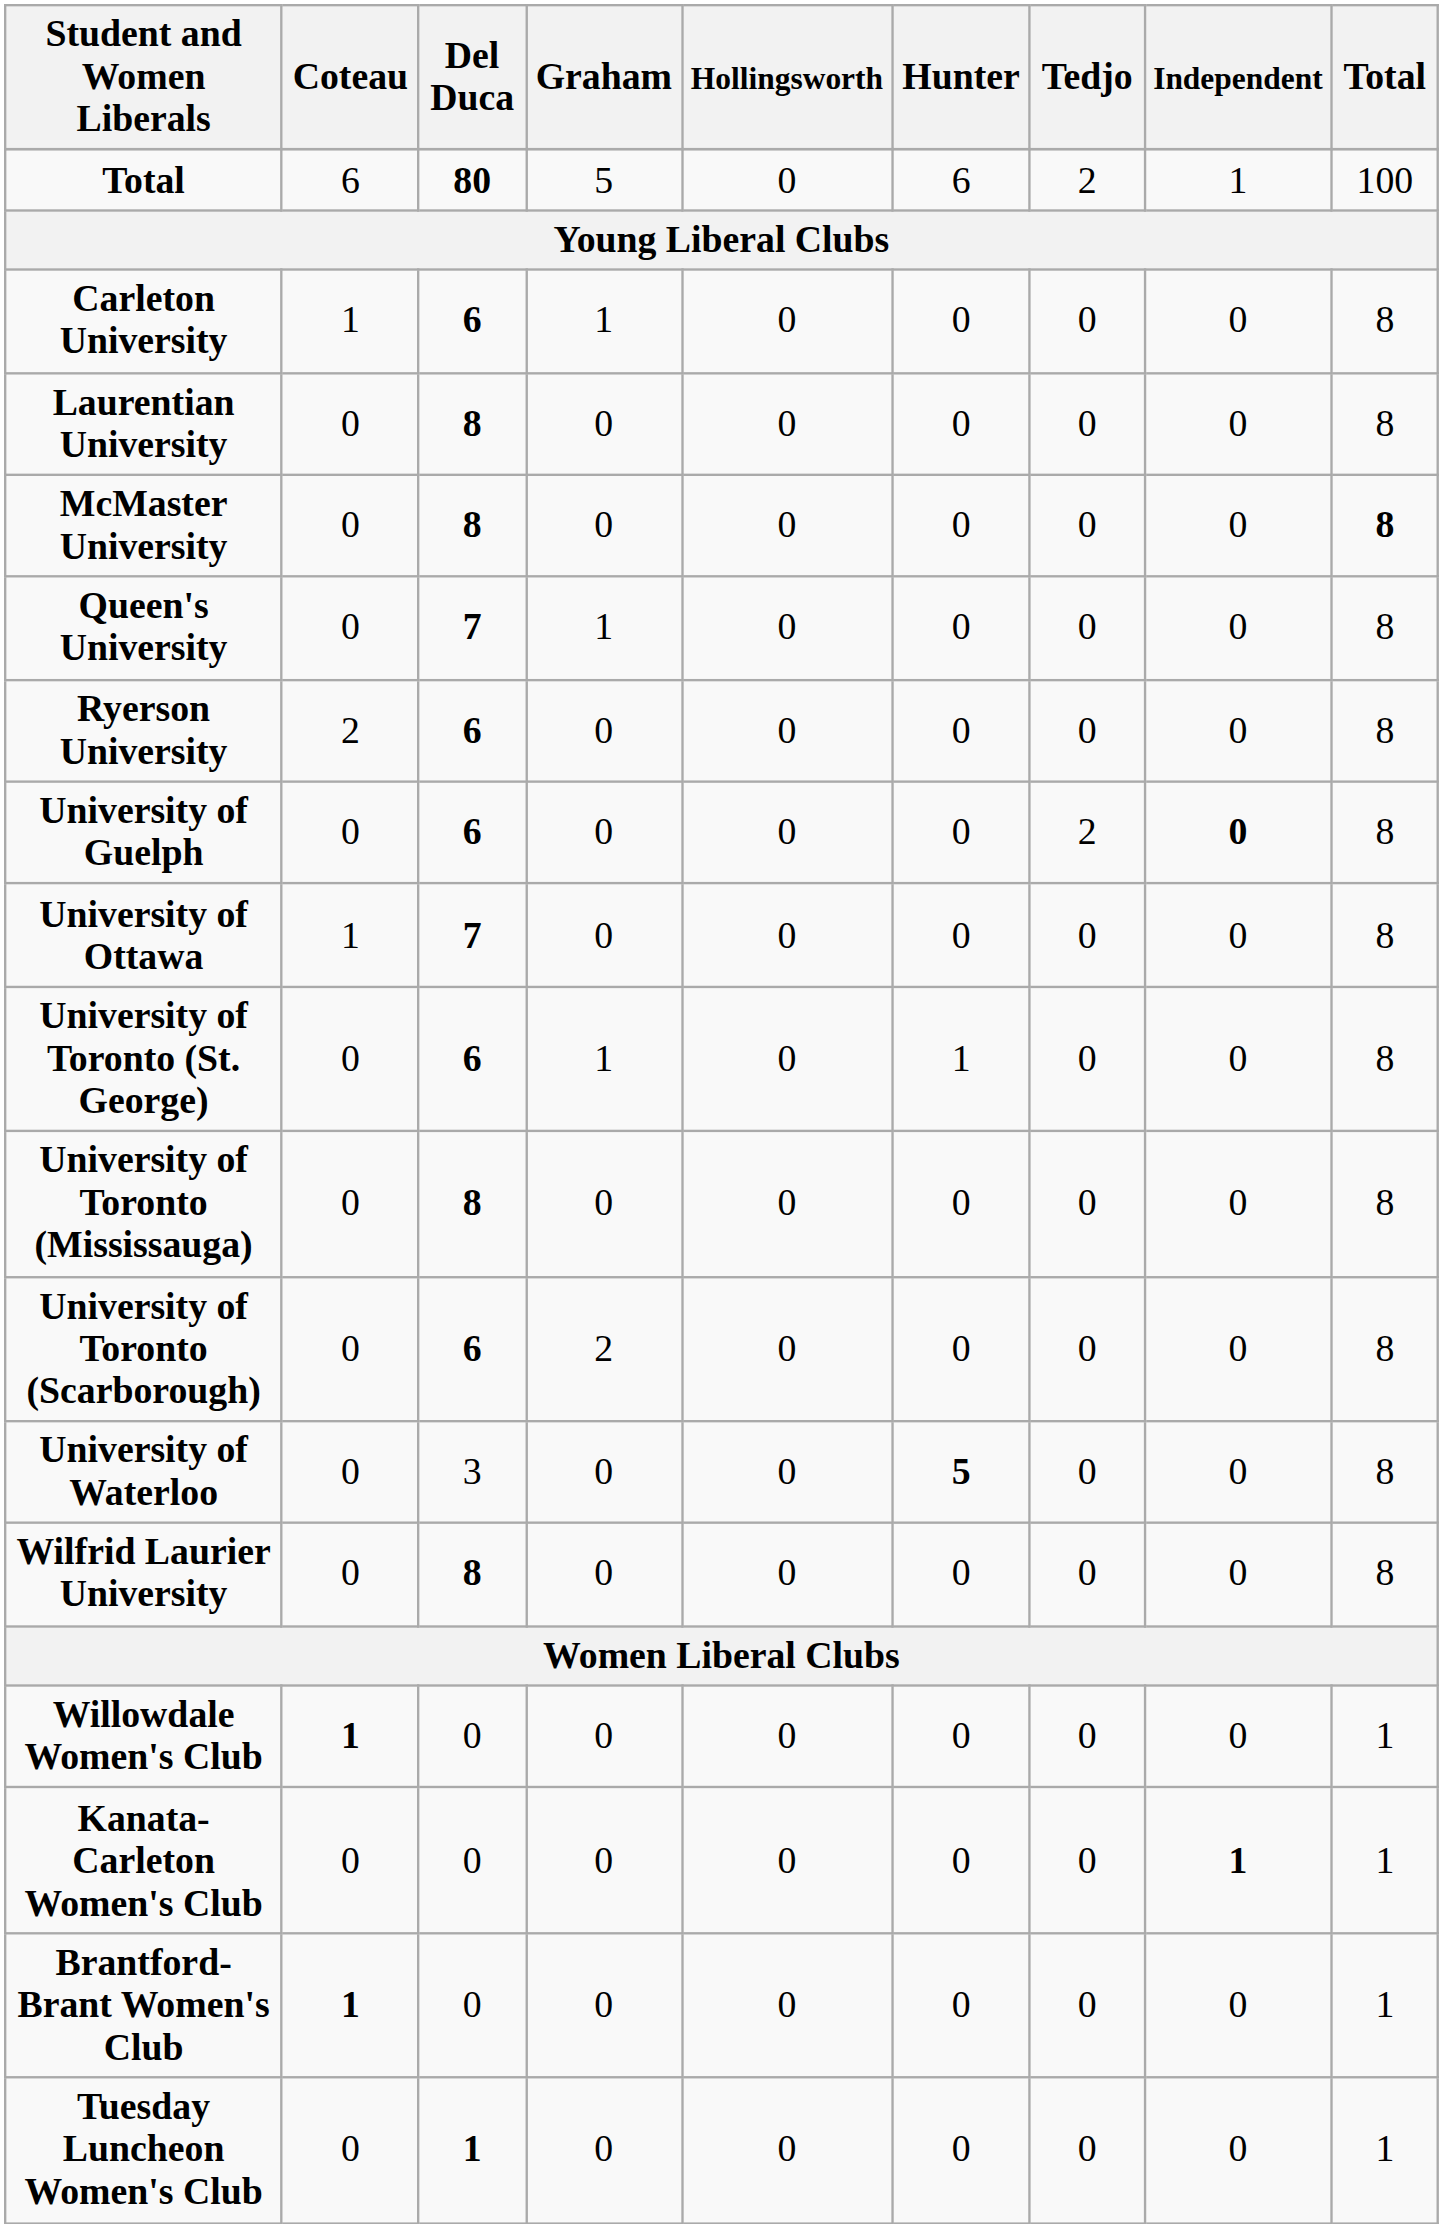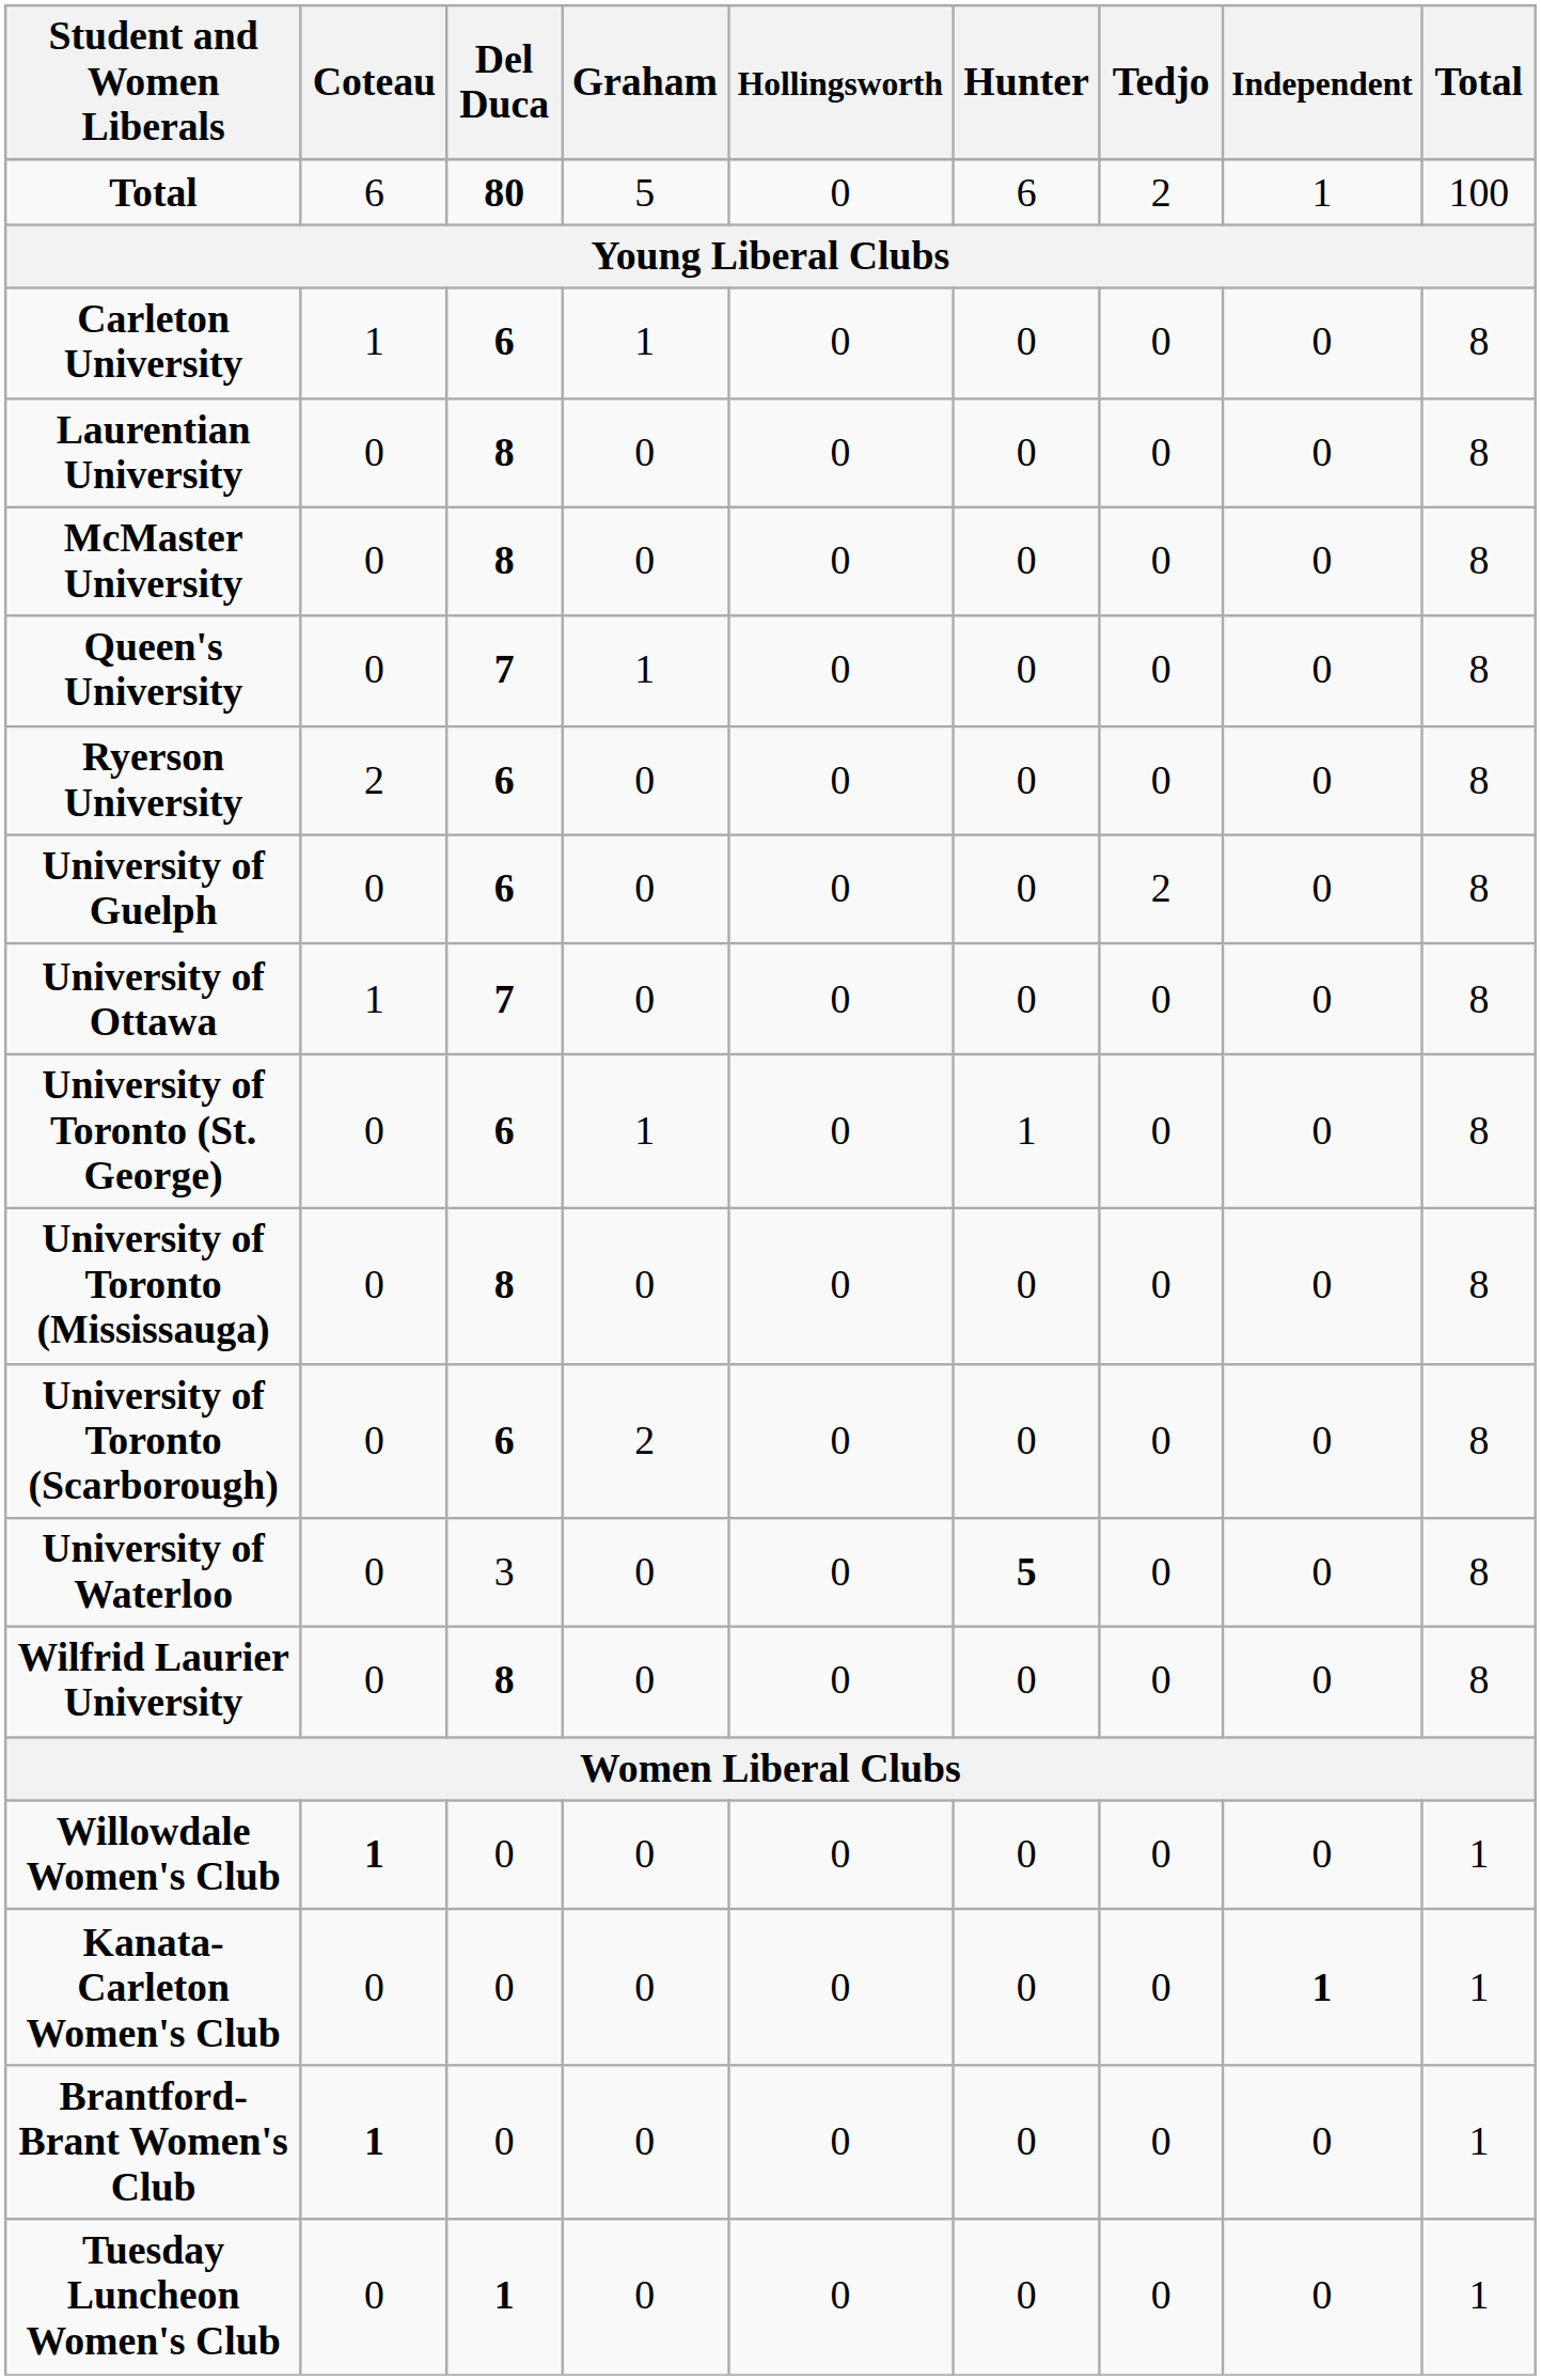 <table class="wikitable mw-collapsible mw-collapsed">
 <tr>
 <th style="width:300px;">Student and Women Liberals</th>
 <th style="width:80px;">Coteau</th>
 <th style="width:80px;">Del Duca</th>
 <th style="width:80px;">Graham</th>
 <th style="width:80px;"><small>Hollingsworth</small></th>
 <th style="width:80px;">Hunter</th>
 <th style="width:80px;">Tedjo</th>
 <th style="width:80px;"><small>Independent</small></th>
 <th style="width:80px;">Total</th>
 </tr>
 <tr>
 </tr>
 <tr>
 </tr>
 <tr style="text-align:center;">
 <td><strong>Total</strong></td>
 <td>6</td>
 <td><strong>80</strong></td>
 <td>5</td>
 <td>0</td>
 <td>6</td>
 <td>2</td>
 <td>1</td>
 <td>100</td>
 </tr>
 <tr>
 <th colspan = "9">Young Liberal Clubs</th>
 </tr>
 <tr style="text-align:center;">
 <td><strong>Carleton University</strong></td>
 <td>1</td>
 <td><strong>6</strong></td>
 <td>1</td>
 <td>0</td>
 <td>0</td>
 <td>0</td>
 <td>0</td>
 <td>8</td>
 </tr>
 <tr style="text-align:center;">
 <td><strong>Laurentian University</strong></td>
 <td>0</td>
 <td><strong>8</strong></td>
 <td>0</td>
 <td>0</td>
 <td>0</td>
 <td>0</td>
 <td>0</td>
 <td>8</td>
 </tr>
 <tr style="text-align:center;">
 <td><strong>McMaster University</strong></td>
 <td>0</td>
 <td><strong>8</strong></td>
 <td>0</td>
 <td>0</td>
 <td>0</td>
 <td>0</td>
 <td>0</td>
-<td><strong>8</strong></td>
+<td>8</td>
 </tr>
 <tr style="text-align:center;">
 <td><strong>Queen's University</strong></td>
 <td>0</td>
 <td><strong>7</strong></td>
 <td>1</td>
 <td>0</td>
 <td>0</td>
 <td>0</td>
 <td>0</td>
 <td>8</td>
 </tr>
 <tr style="text-align:center;">
 <td><strong>Ryerson University</strong></td>
 <td>2</td>
 <td><strong>6</strong></td>
 <td>0</td>
 <td>0</td>
 <td>0</td>
 <td>0</td>
 <td>0</td>
 <td>8</td>
 </tr>
 <tr style="text-align:center;">
 <td><strong>University of Guelph</strong></td>
 <td>0</td>
 <td><strong>6</strong></td>
 <td>0</td>
 <td>0</td>
 <td>0</td>
 <td>2</td>
-<td><strong>0</strong></td>
+<td>0</td>
 <td>8</td>
 </tr>
 <tr style="text-align:center;">
 <td><strong>University of Ottawa</strong></td>
 <td>1</td>
 <td><strong>7</strong></td>
 <td>0</td>
 <td>0</td>
 <td>0</td>
 <td>0</td>
 <td>0</td>
 <td>8</td>
 </tr>
 <tr style="text-align:center;">
 <td><strong>University of Toronto (St. George)</strong></td>
 <td>0</td>
 <td><strong>6</strong></td>
 <td>1</td>
 <td>0</td>
 <td>1</td>
 <td>0</td>
 <td>0</td>
 <td>8</td>
 </tr>
 <tr style="text-align:center;">
 <td><strong>University of Toronto (Mississauga)</strong></td>
 <td>0</td>
 <td><strong>8</strong></td>
 <td>0</td>
 <td>0</td>
 <td>0</td>
 <td>0</td>
 <td>0</td>
 <td>8</td>
 </tr>
 <tr style="text-align:center;">
 <td><strong>University of Toronto (Scarborough)</strong></td>
 <td>0</td>
 <td><strong>6</strong></td>
 <td>2</td>
 <td>0</td>
 <td>0</td>
 <td>0</td>
 <td>0</td>
 <td>8</td>
 </tr>
 <tr style="text-align:center;">
 <td><strong>University of Waterloo</strong></td>
 <td>0</td>
 <td>3</td>
 <td>0</td>
 <td>0</td>
 <td><strong>5</strong></td>
 <td>0</td>
 <td>0</td>
 <td>8</td>
 </tr>
 <tr style="text-align:center;">
 <td><strong>Wilfrid Laurier University</strong></td>
 <td>0</td>
 <td><strong>8</strong></td>
 <td>0</td>
 <td>0</td>
 <td>0</td>
 <td>0</td>
 <td>0</td>
 <td>8</td>
 </tr>
 <tr>
 <th colspan = "9">Women Liberal Clubs</th>
 </tr>
 <tr style="text-align:center;">
 <td><strong>Willowdale Women's Club</strong></td>
 <td><strong>1</strong></td>
 <td>0</td>
 <td>0</td>
 <td>0</td>
 <td>0</td>
 <td>0</td>
 <td>0</td>
 <td>1</td>
 </tr>
 <tr style="text-align:center;">
 <td><strong>Kanata-Carleton Women's Club</strong></td>
 <td>0</td>
 <td>0</td>
 <td>0</td>
 <td>0</td>
 <td>0</td>
 <td>0</td>
 <td><strong>1</strong></td>
 <td>1</td>
 </tr>
 <tr style="text-align:center;">
 <td><strong>Brantford-Brant Women's Club</strong></td>
 <td><strong>1</strong></td>
 <td>0</td>
 <td>0</td>
 <td>0</td>
 <td>0</td>
 <td>0</td>
 <td>0</td>
 <td>1</td>
 </tr>
 <tr style="text-align:center;">
 <td><strong>Tuesday Luncheon Women's Club</strong></td>
 <td>0</td>
 <td><strong>1</strong></td>
 <td>0</td>
 <td>0</td>
 <td>0</td>
 <td>0</td>
 <td>0</td>
 <td>1</td>
 </tr>
 </table>
